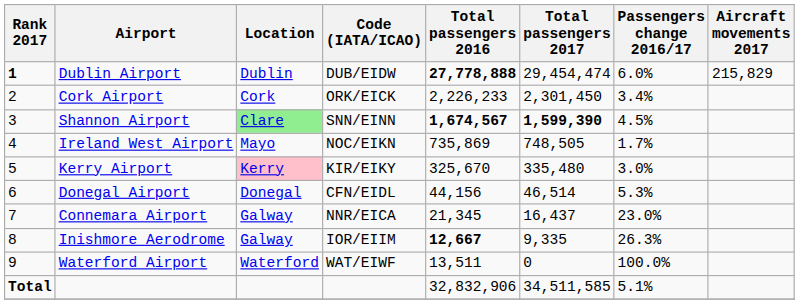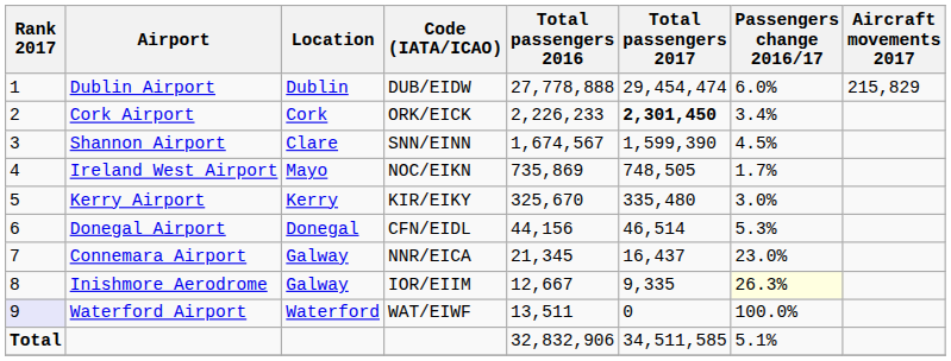 <table class="wikitable sortable">
 <tr>
 <th>Rank<br>2017</th>
 <th>Airport</th>
 <th>Location</th>
 <th>Code<br>(IATA/ICAO)</th>
 <th>Total<br>passengers<br>2016</th>
 <th>Total<br>passengers<br>2017</th>
 <th>Passengers<br>change<br>2016/17</th>
 <th>Aircraft<br>movements<br>2017</th>
 </tr>
 <tr>
-<td><strong>1</strong></td>
+<td>1</td>
 <td><a href='#'>Dublin Airport</a></td>
 <td><a href='#'>Dublin</a></td>
 <td>DUB/EIDW</td>
-<td><strong>27,778,888</strong></td>
+<td>27,778,888</td>
 <td>29,454,474</td>
 <td> 6.0%</td>
 <td>215,829</td>
 </tr>
 <tr>
 <td>2</td>
 <td><a href='#'>Cork Airport</a></td>
 <td><a href='#'>Cork</a></td>
 <td>ORK/EICK</td>
 <td>2,226,233</td>
-<td>2,301,450</td>
+<td><strong>2,301,450</strong></td>
 <td> 3.4%</td>
 <td></td>
 </tr>
 <tr>
 <td>3</td>
 <td><a href='#'>Shannon Airport</a></td>
-<td style="background: lightgreen;"><a href='#'>Clare</a></td>
+<td><a href='#'>Clare</a></td>
 <td>SNN/EINN</td>
-<td><strong>1,674,567</strong></td>
-<td><strong>1,599,390</strong></td>
+<td>1,674,567</td>
+<td>1,599,390</td>
 <td> 4.5%</td>
 <td></td>
 </tr>
 <tr>
 <td>4</td>
 <td><a href='#'>Ireland West Airport</a></td>
 <td><a href='#'>Mayo</a></td>
 <td>NOC/EIKN</td>
 <td>735,869</td>
 <td>748,505</td>
 <td> 1.7%</td>
 <td></td>
 </tr>
 <tr>
 <td>5</td>
 <td><a href='#'>Kerry Airport</a></td>
-<td style="background: pink;"><a href='#'>Kerry</a></td>
+<td><a href='#'>Kerry</a></td>
 <td>KIR/EIKY</td>
 <td>325,670</td>
 <td>335,480</td>
 <td> 3.0%</td>
 <td></td>
 </tr>
 <tr>
 <td>6</td>
 <td><a href='#'>Donegal Airport</a></td>
 <td><a href='#'>Donegal</a></td>
 <td>CFN/EIDL</td>
 <td>44,156</td>
 <td>46,514</td>
 <td> 5.3%</td>
 <td></td>
 </tr>
 <tr>
 <td>7</td>
 <td><a href='#'>Connemara Airport</a></td>
 <td><a href='#'>Galway</a></td>
 <td>NNR/EICA</td>
 <td>21,345</td>
 <td>16,437</td>
 <td> 23.0%</td>
 <td></td>
 </tr>
 <tr>
 <td>8 </td>
 <td><a href='#'>Inishmore Aerodrome</a></td>
 <td><a href='#'>Galway</a></td>
 <td>IOR/EIIM</td>
-<td><strong>12,667</strong></td>
+<td>12,667</td>
 <td>9,335</td>
-<td> 26.3%</td>
+<td style="background: lightyellow;"> 26.3%</td>
 <td></td>
 </tr>
 <tr>
-<td>9 </td>
+<td style="background: lavender;">9 </td>
 <td><a href='#'>Waterford Airport</a></td>
 <td><a href='#'>Waterford</a></td>
 <td>WAT/EIWF</td>
 <td>13,511</td>
 <td>0</td>
 <td> 100.0%</td>
 <td></td>
 </tr>
 <tr>
 <td><strong>Total</strong></td>
 <td></td>
 <td></td>
 <td></td>
 <td>32,832,906</td>
 <td>34,511,585</td>
 <td> 5.1%</td>
 <td></td>
 </tr>
 <tr>
 </tr>
 </table>
